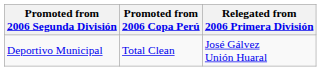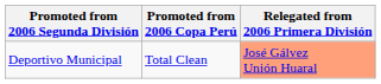 <table class="wikitable">
 <tr>
 <th>Promoted from<br><a href='#'>2006 Segunda División</a></th>
 <th>Promoted from<br><a href='#'>2006 Copa Perú</a></th>
 <th>Relegated from<br><a href='#'>2006 Primera División</a></th>
 </tr>
 <tr>
 <td> <a href='#'>Deportivo Municipal</a> </td>
 <td> <a href='#'>Total Clean</a> </td>
-<td> <a href='#'>José Gálvez</a> <br> <a href='#'>Unión Huaral</a> </td>
+<td style="background: lightsalmon;"> <a href='#'>José Gálvez</a> <br> <a href='#'>Unión Huaral</a> </td>
 </tr>
 </table>
